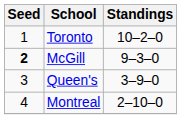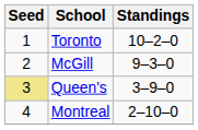 <table class="wikitable">
 <tr>
 <th>Seed</th>
 <th>School</th>
 <th>Standings</th>
 </tr>
 <tr>
 <td align=center>1</td>
 <td><a href='#'>Toronto</a></td>
 <td align=center>10–2–0</td>
 </tr>
 <tr>
-<td align=center><strong>2</strong></td>
+<td align=center>2</td>
 <td><a href='#'>McGill</a></td>
 <td align=center>9–3–0</td>
 </tr>
 <tr>
-<td align=center>3</td>
+<td align=center style="background: khaki;">3</td>
 <td><a href='#'>Queen's</a></td>
 <td align=center>3–9–0</td>
 </tr>
 <tr>
 <td align=center>4</td>
 <td><a href='#'>Montreal</a></td>
 <td align=center>2–10–0</td>
 </tr>
 <tr>
 </tr>
 </table>
